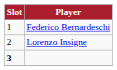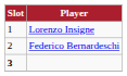 <table class="wikitable" style="text-align:left; margin-left:1em; font-size:95%;">
 <tr>
 <th style="background:#AB1E2D; color:white; text-align:center;">Slot</th>
 <th style="background:#AB1E2D; color:white; text-align:center;">Player</th>
 </tr>
 <tr>
 <td>1</td>
-<td> <a href='#'>Federico Bernardeschi</a></td>
+<td> <a href='#'>Lorenzo Insigne</a></td>
 </tr>
 <tr>
 <td>2</td>
-<td> <a href='#'>Lorenzo Insigne</a></td>
+<td> <a href='#'>Federico Bernardeschi</a></td>
 </tr>
 <tr>
 <td><strong>3</strong></td>
 <td></td>
 </tr>
 <tr>
 </tr>
 </table>
